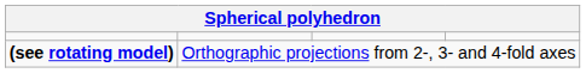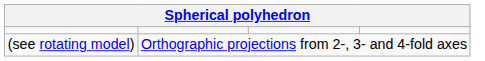 <table class="wikitable collapsible collapsed" style="text-align: center;">
 <tr>
 <th colspan="4"><a href='#'>Spherical polyhedron</a></th>
 </tr>
 <tr valign=top>
 <td></td>
 <td></td>
 <td></td>
 <td></td>
 </tr>
 <tr>
-<td><strong>(see <a href='#'>rotating model</a>)</strong></td>
+<td>(see <a href='#'>rotating model</a>)</td>
 <td colspan="3"><a href='#'>Orthographic projections</a> from 2-, 3- and 4-fold axes</td>
 </tr>
 </table>
